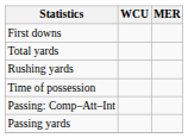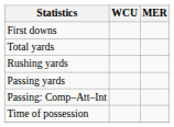 <table class="wikitable" style="float: left;">
 <tr>
 <th>Statistics</th>
 <th>WCU</th>
 <th>MER</th>
 </tr>
 <tr>
 <td>First downs</td>
 <td></td>
 <td></td>
 </tr>
 <tr>
 <td>Total yards</td>
 <td></td>
 <td></td>
 </tr>
 <tr>
 <td>Rushing yards</td>
 <td></td>
 <td></td>
 </tr>
 <tr>
-<td>Time of possession</td>
+<td>Passing yards</td>
 <td></td>
 <td></td>
 </tr>
 <tr>
 <td>Passing: Comp–Att–Int</td>
 <td></td>
 <td></td>
 </tr>
 <tr>
-<td>Passing yards</td>
+<td>Time of possession</td>
 <td></td>
 <td></td>
 </tr>
 <tr>
 </tr>
 </table>
